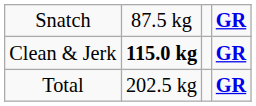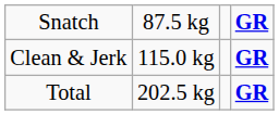 <table class = "wikitable" style="text-align:center;">
 <tr>
 <td>Snatch</td>
 <td>87.5 kg</td>
 <td align=left></td>
 <td><strong><a href='#'>GR</a></strong></td>
 </tr>
 <tr>
 <td>Clean & Jerk</td>
-<td><strong>115.0 kg</strong></td>
+<td>115.0 kg</td>
 <td align=left></td>
 <td><strong><a href='#'>GR</a></strong></td>
 </tr>
 <tr>
 <td>Total</td>
 <td>202.5 kg</td>
 <td align=left></td>
 <td><strong><a href='#'>GR</a></strong></td>
 </tr>
 </table>
